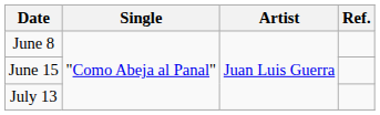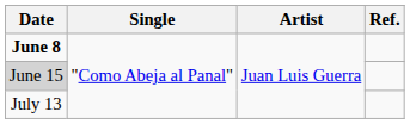 <table class="wikitable" style="font-size:97%; text-align:center;">
 <tr>
 <th>Date</th>
 <th>Single</th>
 <th>Artist</th>
 <th>Ref.</th>
 </tr>
 <tr>
-<td>June 8</td>
+<td><strong>June 8</strong></td>
 <td rowspan="3">"<a href='#'>Como Abeja al Panal</a>"</td>
 <td rowspan="3"><a href='#'>Juan Luis Guerra</a></td>
 <td></td>
 </tr>
 <tr>
-<td>June 15</td>
+<td style="background: lightgrey;">June 15</td>
 <td></td>
 </tr>
 <tr>
 <td>July 13</td>
 <td></td>
 </tr>
 </table>
